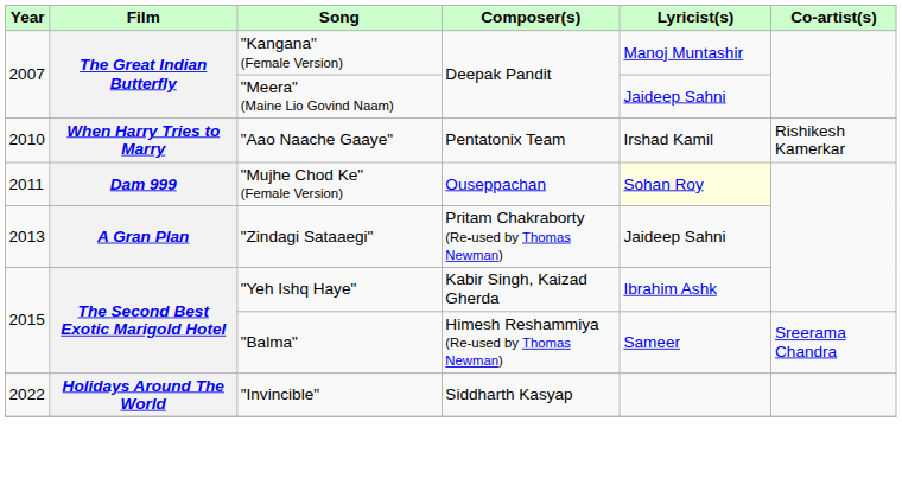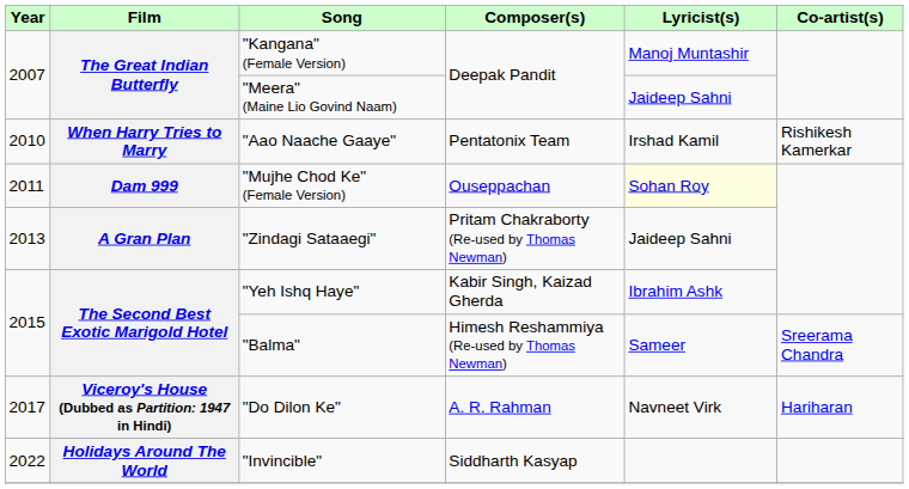 <table class="wikitable plainrowheaders" style="width:100%; textcolor:#000ghhhhh">
 <tr style="background:#cfc; text-align:center;">
 <td scope="col" style="width:5%;"><strong>Year</strong></td>
 <td scope="col" style="width:21%;"><strong>Film</strong></td>
 <td scope="col" style="width:23%;"><strong>Song</strong></td>
 <td scope="col" style="width:20%;"><strong>Composer(s)</strong></td>
 <td scope="col" style="width:17%;"><strong>Lyricist(s)</strong></td>
 <td scope="col" style="width:18%;"><strong>Co-artist(s)</strong></td>
 </tr>
 <tr>
 <td rowspan="2">2007</td>
 <th scope="row" rowspan="2"><em><a href='#'>The Great Indian Butterfly</a></em></th>
 <td>"Kangana"<br><small>(Female Version)</small></td>
 <td rowspan="2">Deepak Pandit</td>
 <td><a href='#'>Manoj Muntashir</a></td>
 <td rowspan="2"></td>
 </tr>
 <tr>
 <td>"Meera"<br><small>(Maine Lio Govind Naam)</small></td>
 <td><a href='#'>Jaideep Sahni</a></td>
 </tr>
 <tr>
 <td>2010</td>
 <th scope="row"><em><a href='#'>When Harry Tries to Marry</a></em></th>
 <td>"Aao Naache Gaaye"</td>
 <td>Pentatonix Team</td>
 <td>Irshad Kamil</td>
 <td>Rishikesh Kamerkar</td>
 </tr>
 <tr>
 <td>2011</td>
 <th scope="row"><em><a href='#'>Dam 999</a></em></th>
 <td>"Mujhe Chod Ke"<br><small>(Female Version)</small></td>
 <td><a href='#'>Ouseppachan</a></td>
 <td style="background: lightyellow;"><a href='#'>Sohan Roy</a></td>
 <td rowspan="3"></td>
 </tr>
 <tr>
 <td>2013</td>
 <th scope="row"><em><a href='#'>A Gran Plan</a></em></th>
 <td>"Zindagi Sataaegi"</td>
 <td>Pritam Chakraborty<br><small>(Re-used by <a href='#'>Thomas Newman</a>)</small></td>
 <td>Jaideep Sahni</td>
 </tr>
 <tr>
 <td rowspan="2">2015</td>
 <th scope="row" rowspan="2"><em><a href='#'>The Second Best Exotic Marigold Hotel</a></em></th>
 <td>"Yeh Ishq Haye"</td>
 <td>Kabir Singh, Kaizad Gherda</td>
 <td><a href='#'>Ibrahim Ashk</a></td>
 </tr>
 <tr>
 <td>"Balma"</td>
 <td>Himesh Reshammiya<br><small>(Re-used by <a href='#'>Thomas Newman</a>)</small></td>
 <td><a href='#'>Sameer</a></td>
 <td><a href='#'>Sreerama Chandra</a></td>
 </tr>
 <tr>
+<td>2017</td>
+<th scope="row"><em><a href='#'>Viceroy's House</a></em><br><small>(Dubbed as <em>Partition: 1947</em> in Hindi)</small></th>
+<td>"Do Dilon Ke"</td>
+<td><a href='#'>A. R. Rahman</a></td>
+<td>Navneet Virk</td>
+<td><a href='#'>Hariharan</a></td>
+</tr>
+<tr>
 <td>2022</td>
 <th scope="row"><em><a href='#'>Holidays Around The World</a></em></th>
 <td>"Invincible"</td>
 <td>Siddharth Kasyap</td>
 <td></td>
 <td></td>
 </tr>
 <tr>
 </tr>
 </table>
